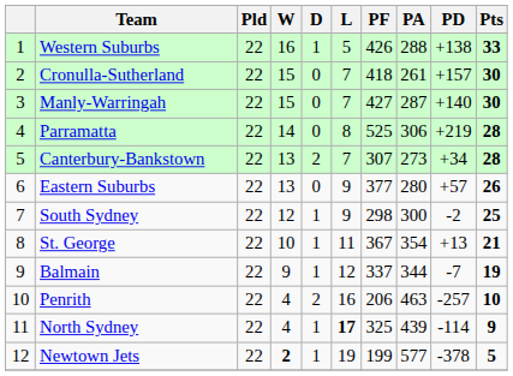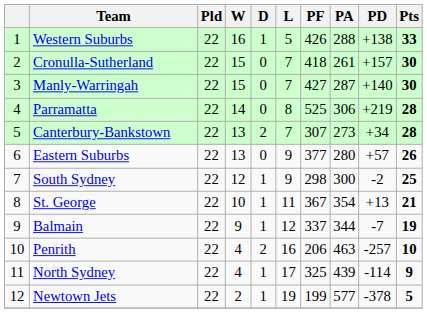 <table class="wikitable" style="text-align:center;">
 <tr>
 <th width=20 abbr="Position×"></th>
 <th width=175>Team</th>
 <th width=20 abbr="Played">Pld</th>
 <th width=20 abbr="Won">W</th>
 <th width=20 abbr="Drawn">D</th>
 <th width=20 abbr="Lost">L</th>
 <th width=20 abbr="Points for">PF</th>
 <th width=20 abbr="Points against">PA</th>
 <th width=20 abbr="Points difference">PD</th>
 <th width=20 abbr="Points">Pts</th>
 </tr>
 <tr style="background: #ccffcc;">
 <td>1</td>
 <td style="text-align:left;"> <a href='#'>Western Suburbs</a></td>
 <td>22</td>
 <td>16</td>
 <td>1</td>
 <td>5</td>
 <td>426</td>
 <td>288</td>
 <td>+138</td>
 <td><strong>33</strong></td>
 </tr>
 <tr style="background: #ccffcc;">
 <td>2</td>
 <td style="text-align:left;"> <a href='#'>Cronulla-Sutherland</a></td>
 <td>22</td>
 <td>15</td>
 <td>0</td>
 <td>7</td>
 <td>418</td>
 <td>261</td>
 <td>+157</td>
 <td><strong>30</strong></td>
 </tr>
 <tr style="background: #ccffcc;">
 <td>3</td>
 <td style="text-align:left;"> <a href='#'>Manly-Warringah</a></td>
 <td>22</td>
 <td>15</td>
 <td>0</td>
 <td>7</td>
 <td>427</td>
 <td>287</td>
 <td>+140</td>
 <td><strong>30</strong></td>
 </tr>
 <tr style="background: #ccffcc;">
 <td>4</td>
 <td style="text-align:left;"> <a href='#'>Parramatta</a></td>
 <td>22</td>
 <td>14</td>
 <td>0</td>
 <td>8</td>
 <td>525</td>
 <td>306</td>
 <td>+219</td>
 <td><strong>28</strong></td>
 </tr>
 <tr style="background: #ccffcc;">
 <td>5</td>
 <td style="text-align:left;"> <a href='#'>Canterbury-Bankstown</a></td>
 <td>22</td>
 <td>13</td>
 <td>2</td>
 <td>7</td>
 <td>307</td>
 <td>273</td>
 <td>+34</td>
 <td><strong>28</strong></td>
 </tr>
 <tr>
 <td>6</td>
 <td style="text-align:left;"> <a href='#'>Eastern Suburbs</a></td>
 <td>22</td>
 <td>13</td>
 <td>0</td>
 <td>9</td>
 <td>377</td>
 <td>280</td>
 <td>+57</td>
 <td><strong>26</strong></td>
 </tr>
 <tr>
 <td>7</td>
 <td style="text-align:left;"> <a href='#'>South Sydney</a></td>
 <td>22</td>
 <td>12</td>
 <td>1</td>
 <td>9</td>
 <td>298</td>
 <td>300</td>
 <td>-2</td>
 <td><strong>25</strong></td>
 </tr>
 <tr>
 <td>8</td>
 <td style="text-align:left;"> <a href='#'>St. George</a></td>
 <td>22</td>
 <td>10</td>
 <td>1</td>
 <td>11</td>
 <td>367</td>
 <td>354</td>
 <td>+13</td>
 <td><strong>21</strong></td>
 </tr>
 <tr>
 <td>9</td>
 <td style="text-align:left;"> <a href='#'>Balmain</a></td>
 <td>22</td>
 <td>9</td>
 <td>1</td>
 <td>12</td>
 <td>337</td>
 <td>344</td>
 <td>-7</td>
 <td><strong>19</strong></td>
 </tr>
 <tr>
 <td>10</td>
 <td style="text-align:left;"> <a href='#'>Penrith</a></td>
 <td>22</td>
 <td>4</td>
 <td>2</td>
 <td>16</td>
 <td>206</td>
 <td>463</td>
 <td>-257</td>
 <td><strong>10</strong></td>
 </tr>
 <tr>
 <td>11</td>
 <td style="text-align:left;"> <a href='#'>North Sydney</a></td>
 <td>22</td>
 <td>4</td>
 <td>1</td>
-<td><strong>17</strong></td>
+<td>17</td>
 <td>325</td>
 <td>439</td>
 <td>-114</td>
 <td><strong>9</strong></td>
 </tr>
 <tr>
 <td>12</td>
 <td style="text-align:left;"> <a href='#'>Newtown Jets</a></td>
 <td>22</td>
-<td><strong>2</strong></td>
+<td>2</td>
 <td>1</td>
 <td>19</td>
 <td>199</td>
 <td>577</td>
 <td>-378</td>
 <td><strong>5</strong></td>
 </tr>
 <tr>
 </tr>
 </table>
